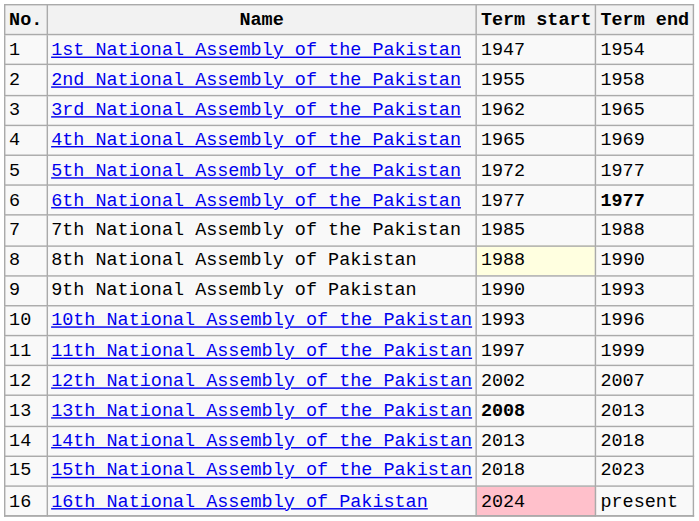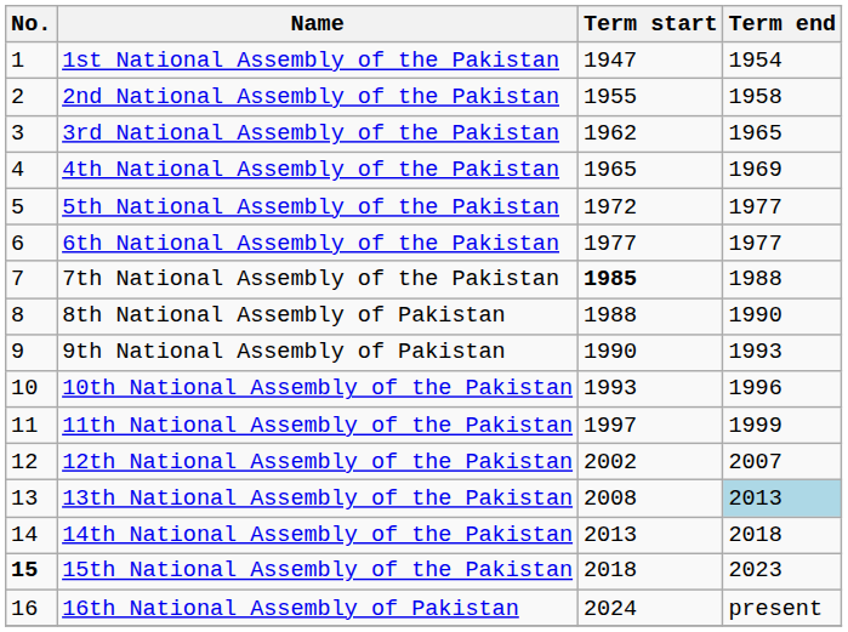 <table class="wikitable">
 <tr>
 <th>No.</th>
 <th>Name</th>
 <th>Term start</th>
 <th>Term end</th>
 </tr>
 <tr>
 <td>1</td>
 <td><a href='#'>1st National Assembly of the Pakistan</a></td>
 <td>1947</td>
 <td>1954</td>
 </tr>
 <tr>
 <td>2</td>
 <td><a href='#'>2nd National Assembly of the Pakistan</a></td>
 <td>1955</td>
 <td>1958</td>
 </tr>
 <tr>
 <td>3</td>
 <td><a href='#'>3rd National Assembly of the Pakistan</a></td>
 <td>1962</td>
 <td>1965</td>
 </tr>
 <tr>
 <td>4</td>
 <td><a href='#'>4th National Assembly of the Pakistan</a></td>
 <td>1965</td>
 <td>1969</td>
 </tr>
 <tr>
 <td>5</td>
 <td><a href='#'>5th National Assembly of the Pakistan</a></td>
 <td>1972</td>
 <td>1977</td>
 </tr>
 <tr>
 <td>6</td>
 <td><a href='#'>6th National Assembly of the Pakistan</a></td>
 <td>1977</td>
-<td><strong>1977</strong></td>
+<td>1977</td>
 </tr>
 <tr>
 <td>7</td>
 <td>7th National Assembly of the Pakistan</td>
-<td>1985</td>
+<td><strong>1985</strong></td>
 <td>1988</td>
 </tr>
 <tr>
 <td>8</td>
 <td>8th National Assembly of Pakistan</td>
-<td style="background: lightyellow;">1988</td>
+<td>1988</td>
 <td>1990</td>
 </tr>
 <tr>
 <td>9</td>
 <td>9th National Assembly of Pakistan</td>
 <td>1990</td>
 <td>1993</td>
 </tr>
 <tr>
 <td>10</td>
 <td><a href='#'>10th National Assembly of the Pakistan</a></td>
 <td>1993</td>
 <td>1996</td>
 </tr>
 <tr>
 <td>11</td>
 <td><a href='#'>11th National Assembly of the Pakistan</a></td>
 <td>1997</td>
 <td>1999</td>
 </tr>
 <tr>
 <td>12</td>
 <td><a href='#'>12th National Assembly of the Pakistan</a></td>
 <td>2002</td>
 <td>2007</td>
 </tr>
 <tr>
 <td>13</td>
 <td><a href='#'>13th National Assembly of the Pakistan</a></td>
-<td><strong>2008</strong></td>
-<td>2013</td>
+<td>2008</td>
+<td style="background: lightblue;">2013</td>
 </tr>
 <tr>
 <td>14</td>
 <td><a href='#'>14th National Assembly of the Pakistan</a></td>
 <td>2013</td>
 <td>2018</td>
 </tr>
 <tr>
-<td>15</td>
+<td><strong>15</strong></td>
 <td><a href='#'>15th National Assembly of the Pakistan</a></td>
 <td>2018</td>
 <td>2023</td>
 </tr>
 <tr>
 <td>16</td>
 <td><a href='#'>16th National Assembly of Pakistan</a></td>
-<td style="background: pink;">2024</td>
+<td>2024</td>
 <td>present</td>
 </tr>
 <tr>
 </tr>
 </table>
